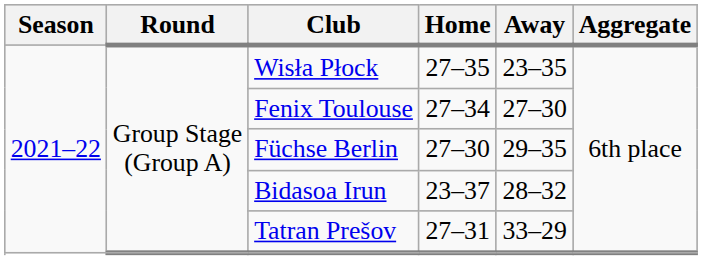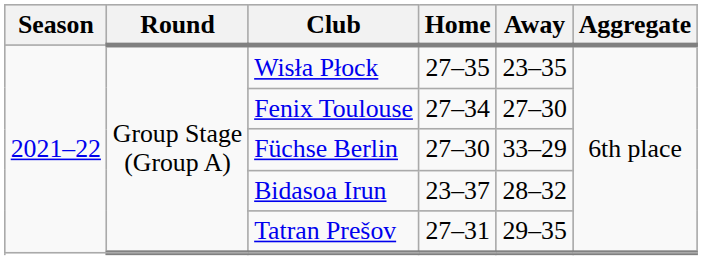 <table class="wikitable">
 <tr>
 <th>Season</th>
 <th>Round</th>
 <th>Club</th>
 <th>Home</th>
 <th>Away</th>
 <th>Aggregate</th>
 </tr>
 <tr>
 <td rowspan="9"><a href='#'>2021–22</a></td>
 </tr>
 <tr style="border-top: 3px solid grey">
 <td rowspan="5" style="text-align:center;">Group Stage<br> (Group A)</td>
 <td> <a href='#'>Wisła Płock</a></td>
 <td style="text-align:center">27–35</td>
 <td style="text-align:center">23–35</td>
 <td rowspan="5" style="text-align:center;">6th place</td>
 </tr>
 <tr>
 <td> <a href='#'>Fenix Toulouse</a></td>
 <td style="text-align:center">27–34</td>
 <td style="text-align:center">27–30</td>
 </tr>
 <tr>
 <td> <a href='#'>Füchse Berlin</a></td>
 <td style="text-align:center">27–30</td>
-<td style="text-align:center">29–35</td>
+<td style="text-align:center">33–29</td>
 </tr>
 <tr>
 <td> <a href='#'>Bidasoa Irun</a></td>
 <td style="text-align:center">23–37</td>
 <td style="text-align:center">28–32</td>
 </tr>
 <tr>
 <td> <a href='#'>Tatran Prešov</a></td>
 <td style="text-align:center">27–31</td>
-<td style="text-align:center">33–29</td>
+<td style="text-align:center">29–35</td>
 </tr>
 <tr style="border-top: 3px solid grey">
 </tr>
 </table>
